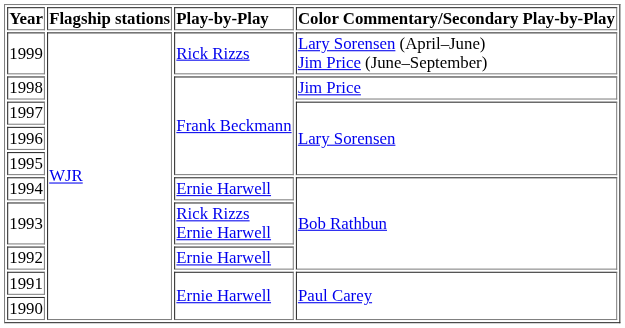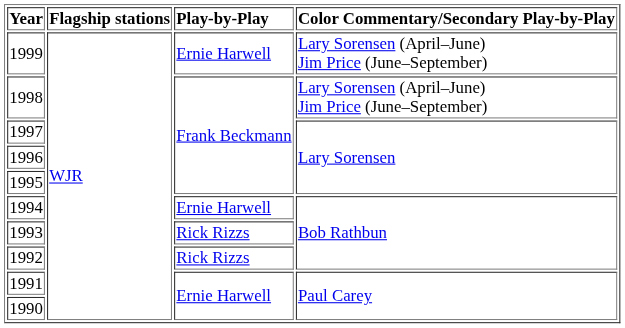 <table border="1" cellpadding="1">
 <tr>
 <td><strong>Year</strong></td>
 <td><strong>Flagship stations</strong></td>
 <td><strong>Play-by-Play</strong></td>
 <td><strong>Color Commentary/Secondary Play-by-Play</strong></td>
 </tr>
 <tr>
 <td>1999</td>
 <td rowspan=10><a href='#'>WJR</a></td>
-<td><a href='#'>Rick Rizzs</a></td>
+<td><a href='#'>Ernie Harwell</a></td>
 <td><a href='#'>Lary Sorensen</a> (April–June) <br> <a href='#'>Jim Price</a> (June–September)</td>
 </tr>
 <tr>
 <td>1998</td>
 <td rowspan=4><a href='#'>Frank Beckmann</a></td>
-<td><a href='#'>Jim Price</a></td>
+<td><a href='#'>Lary Sorensen</a> (April–June) <br> <a href='#'>Jim Price</a> (June–September)</td>
 </tr>
 <tr>
 <td>1997</td>
 <td rowspan=3><a href='#'>Lary Sorensen</a></td>
 </tr>
 <tr>
 <td>1996</td>
 </tr>
 <tr>
 <td>1995</td>
 </tr>
 <tr>
 <td>1994</td>
 <td><a href='#'>Ernie Harwell</a></td>
 <td rowspan=3><a href='#'>Bob Rathbun</a></td>
 </tr>
 <tr>
 <td>1993</td>
-<td><a href='#'>Rick Rizzs</a> <br> <a href='#'>Ernie Harwell</a></td>
+<td><a href='#'>Rick Rizzs</a></td>
 </tr>
 <tr>
 <td>1992</td>
-<td><a href='#'>Ernie Harwell</a></td>
+<td><a href='#'>Rick Rizzs</a></td>
 </tr>
 <tr>
 <td>1991</td>
 <td rowspan=2><a href='#'>Ernie Harwell</a></td>
 <td rowspan=2><a href='#'>Paul Carey</a></td>
 </tr>
 <tr>
 <td>1990</td>
 </tr>
 </table>
